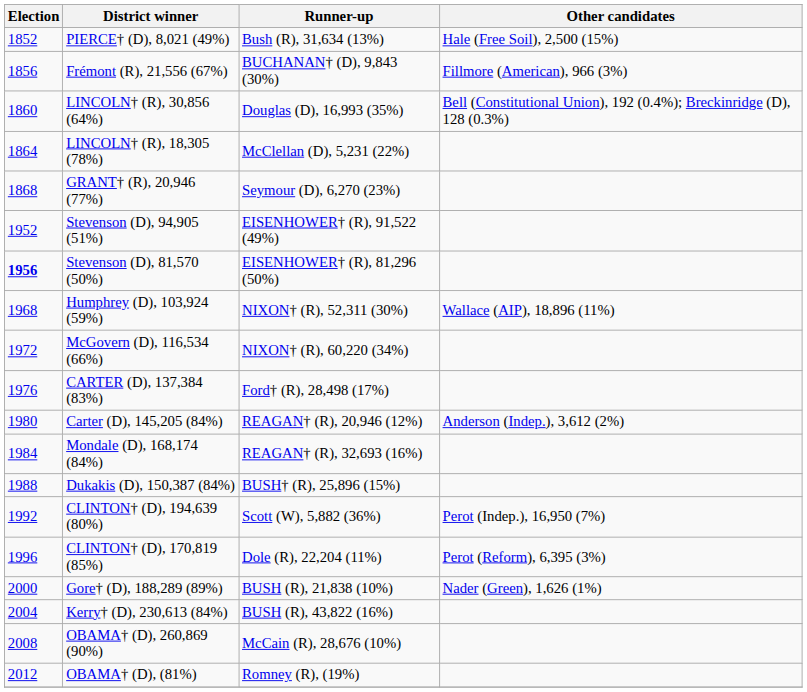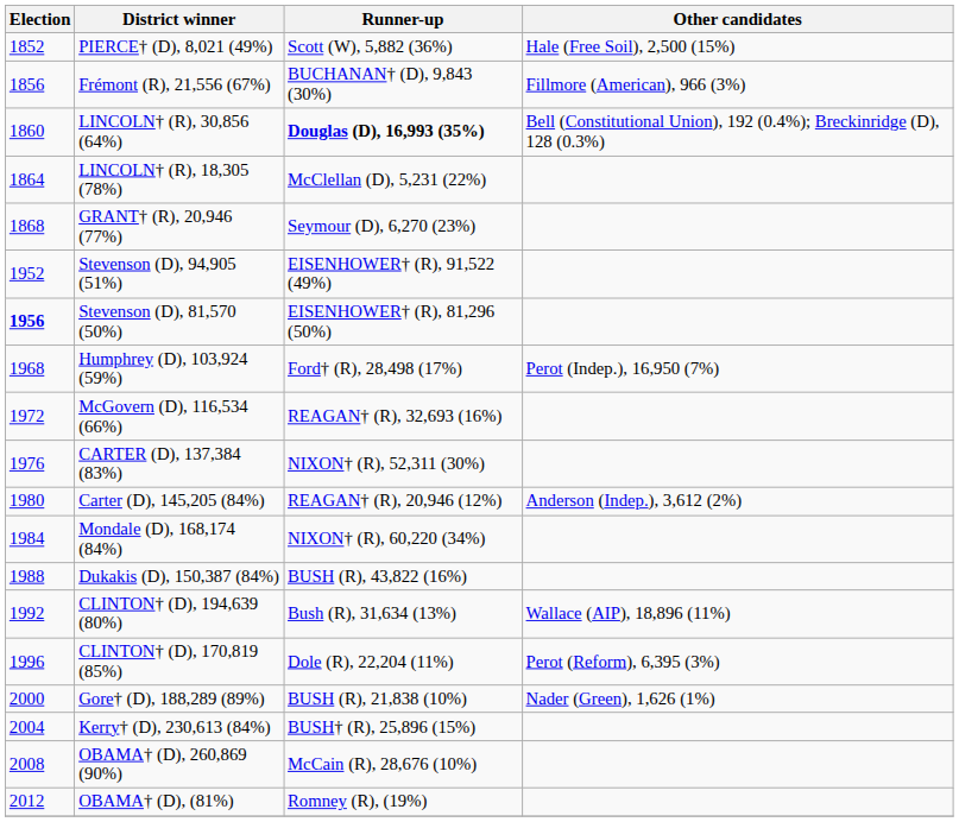 <table class="wikitable">
 <tr>
 <th>Election</th>
 <th>District winner</th>
 <th>Runner-up</th>
 <th>Other candidates</th>
 </tr>
 <tr>
 <td><a href='#'>1852</a></td>
 <td><a href='#'>PIERCE</a>† (D), 8,021 (49%)</td>
-<td><a href='#'>Bush</a> (R), 31,634 (13%)</td>
+<td><a href='#'>Scott</a> (W), 5,882 (36%)</td>
 <td><a href='#'>Hale</a> (<a href='#'>Free Soil</a>), 2,500 (15%)</td>
 </tr>
 <tr>
 <td><a href='#'>1856</a></td>
 <td><a href='#'>Frémont</a> (R), 21,556 (67%)</td>
 <td><a href='#'>BUCHANAN</a>† (D), 9,843 (30%)</td>
 <td><a href='#'>Fillmore</a> (<a href='#'>American</a>), 966 (3%)</td>
 </tr>
 <tr>
 <td><a href='#'>1860</a></td>
 <td><a href='#'>LINCOLN</a>† (R), 30,856 (64%)</td>
-<td><a href='#'>Douglas</a> (D), 16,993 (35%)</td>
+<td><strong><a href='#'>Douglas</a> (D), 16,993 (35%)</strong></td>
 <td><a href='#'>Bell</a> (<a href='#'>Constitutional Union</a>), 192 (0.4%); <a href='#'>Breckinridge</a> (D), 128 (0.3%)</td>
 </tr>
 <tr>
 <td><a href='#'>1864</a></td>
 <td><a href='#'>LINCOLN</a>† (R), 18,305 (78%)</td>
 <td><a href='#'>McClellan</a> (D), 5,231 (22%)</td>
 <td></td>
 </tr>
 <tr>
 <td><a href='#'>1868</a></td>
 <td><a href='#'>GRANT</a>† (R), 20,946 (77%)</td>
 <td><a href='#'>Seymour</a> (D), 6,270 (23%)</td>
 <td></td>
 </tr>
 <tr>
 <td><a href='#'>1952</a></td>
 <td><a href='#'>Stevenson</a> (D), 94,905 (51%)</td>
 <td><a href='#'>EISENHOWER</a>† (R), 91,522 (49%)</td>
 <td></td>
 </tr>
 <tr>
 <td><strong><a href='#'>1956</a></strong></td>
 <td><a href='#'>Stevenson</a> (D), 81,570 (50%)</td>
 <td><a href='#'>EISENHOWER</a>† (R), 81,296 (50%)</td>
 <td></td>
 </tr>
 <tr>
 <td><a href='#'>1968</a></td>
 <td><a href='#'>Humphrey</a> (D), 103,924 (59%)</td>
-<td><a href='#'>NIXON</a>† (R), 52,311 (30%)</td>
-<td><a href='#'>Wallace</a> (<a href='#'>AIP</a>), 18,896 (11%)</td>
+<td><a href='#'>Ford</a>† (R), 28,498 (17%)</td>
+<td><a href='#'>Perot</a> (Indep.), 16,950 (7%)</td>
 </tr>
 <tr>
 <td><a href='#'>1972</a></td>
 <td><a href='#'>McGovern</a> (D), 116,534 (66%)</td>
-<td><a href='#'>NIXON</a>† (R), 60,220 (34%)</td>
+<td><a href='#'>REAGAN</a>† (R), 32,693 (16%)</td>
 <td></td>
 </tr>
 <tr>
 <td><a href='#'>1976</a></td>
 <td><a href='#'>CARTER</a> (D), 137,384 (83%)</td>
-<td><a href='#'>Ford</a>† (R), 28,498 (17%)</td>
+<td><a href='#'>NIXON</a>† (R), 52,311 (30%)</td>
 <td></td>
 </tr>
 <tr>
 <td><a href='#'>1980</a></td>
 <td><a href='#'>Carter</a> (D), 145,205 (84%)</td>
 <td><a href='#'>REAGAN</a>† (R), 20,946 (12%)</td>
 <td><a href='#'>Anderson</a> (<a href='#'>Indep.</a>), 3,612 (2%)</td>
 </tr>
 <tr>
 <td><a href='#'>1984</a></td>
 <td><a href='#'>Mondale</a> (D), 168,174 (84%)</td>
-<td><a href='#'>REAGAN</a>† (R), 32,693 (16%)</td>
+<td><a href='#'>NIXON</a>† (R), 60,220 (34%)</td>
 <td></td>
 </tr>
 <tr>
 <td><a href='#'>1988</a></td>
 <td><a href='#'>Dukakis</a> (D), 150,387 (84%)</td>
-<td><a href='#'>BUSH</a>† (R), 25,896 (15%)</td>
+<td><a href='#'>BUSH</a> (R), 43,822 (16%)</td>
 <td></td>
 </tr>
 <tr>
 <td><a href='#'>1992</a></td>
 <td><a href='#'>CLINTON</a>† (D), 194,639 (80%)</td>
-<td><a href='#'>Scott</a> (W), 5,882 (36%)</td>
-<td><a href='#'>Perot</a> (Indep.), 16,950 (7%)</td>
+<td><a href='#'>Bush</a> (R), 31,634 (13%)</td>
+<td><a href='#'>Wallace</a> (<a href='#'>AIP</a>), 18,896 (11%)</td>
 </tr>
 <tr>
 <td><a href='#'>1996</a></td>
 <td><a href='#'>CLINTON</a>† (D), 170,819 (85%)</td>
 <td><a href='#'>Dole</a> (R), 22,204 (11%)</td>
 <td><a href='#'>Perot</a> (<a href='#'>Reform</a>), 6,395 (3%)</td>
 </tr>
 <tr>
 <td><a href='#'>2000</a></td>
 <td><a href='#'>Gore</a>† (D), 188,289 (89%)</td>
 <td><a href='#'>BUSH</a> (R), 21,838 (10%)</td>
 <td><a href='#'>Nader</a> (<a href='#'>Green</a>), 1,626 (1%)</td>
 </tr>
 <tr>
 <td><a href='#'>2004</a></td>
 <td><a href='#'>Kerry</a>† (D), 230,613 (84%)</td>
-<td><a href='#'>BUSH</a> (R), 43,822 (16%)</td>
+<td><a href='#'>BUSH</a>† (R), 25,896 (15%)</td>
 <td></td>
 </tr>
 <tr>
 <td><a href='#'>2008</a></td>
 <td><a href='#'>OBAMA</a>† (D), 260,869 (90%)</td>
 <td><a href='#'>McCain</a> (R), 28,676 (10%)</td>
 </tr>
 <tr>
 <td><a href='#'>2012</a></td>
 <td><a href='#'>OBAMA</a>† (D),  (81%)</td>
 <td><a href='#'>Romney</a> (R),  (19%)</td>
 <td></td>
 </tr>
 <tr>
 </tr>
 </table>
